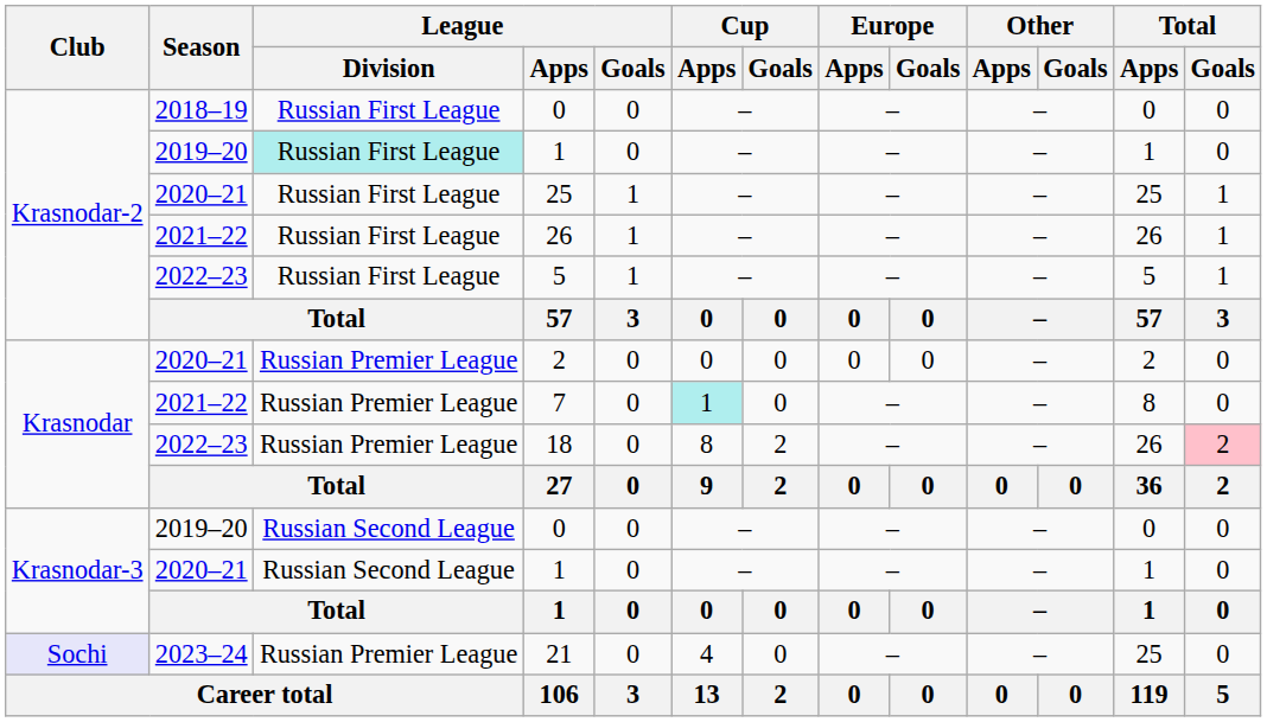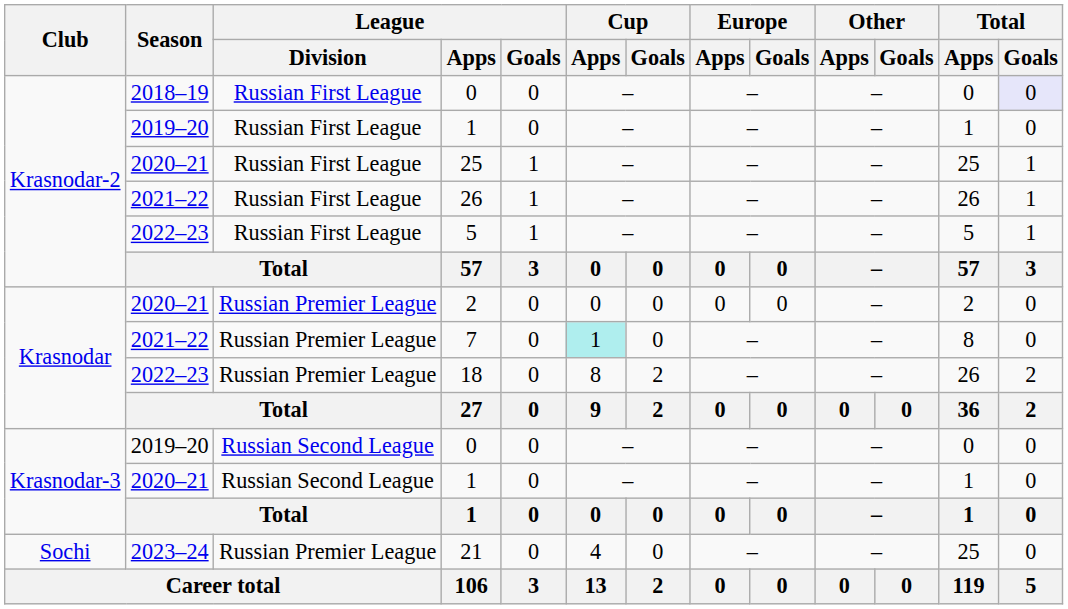 <table class="wikitable" style="text-align: center;">
 <tr>
 <th rowspan=2>Club</th>
 <th rowspan=2>Season</th>
 <th colspan=3>League</th>
 <th colspan=2>Cup</th>
 <th colspan=2>Europe</th>
 <th colspan=2>Other</th>
 <th colspan=2>Total</th>
 </tr>
 <tr>
 <th>Division</th>
 <th>Apps</th>
 <th>Goals</th>
 <th>Apps</th>
 <th>Goals</th>
 <th>Apps</th>
 <th>Goals</th>
 <th>Apps</th>
 <th>Goals</th>
 <th>Apps</th>
 <th>Goals</th>
 </tr>
 <tr>
 <td rowspan="6"><a href='#'>Krasnodar-2</a></td>
 <td><a href='#'>2018–19</a></td>
 <td><a href='#'>Russian First League</a></td>
 <td>0</td>
 <td>0</td>
 <td colspan=2>–</td>
 <td colspan=2>–</td>
 <td colspan=2>–</td>
 <td>0</td>
-<td>0</td>
+<td style="background: lavender;">0</td>
 </tr>
 <tr>
 <td><a href='#'>2019–20</a></td>
-<td style="background: paleturquoise;">Russian First League</td>
+<td>Russian First League</td>
 <td>1</td>
 <td>0</td>
 <td colspan=2>–</td>
 <td colspan=2>–</td>
 <td colspan=2>–</td>
 <td>1</td>
 <td>0</td>
 </tr>
 <tr>
 <td><a href='#'>2020–21</a></td>
 <td>Russian First League</td>
 <td>25</td>
 <td>1</td>
 <td colspan=2>–</td>
 <td colspan=2>–</td>
 <td colspan=2>–</td>
 <td>25</td>
 <td>1</td>
 </tr>
 <tr>
 <td><a href='#'>2021–22</a></td>
 <td>Russian First League</td>
 <td>26</td>
 <td>1</td>
 <td colspan=2>–</td>
 <td colspan=2>–</td>
 <td colspan=2>–</td>
 <td>26</td>
 <td>1</td>
 </tr>
 <tr>
 <td><a href='#'>2022–23</a></td>
 <td>Russian First League</td>
 <td>5</td>
 <td>1</td>
 <td colspan=2>–</td>
 <td colspan=2>–</td>
 <td colspan=2>–</td>
 <td>5</td>
 <td>1</td>
 </tr>
 <tr>
 <th colspan=2>Total</th>
 <th>57</th>
 <th>3</th>
 <th>0</th>
 <th>0</th>
 <th>0</th>
 <th>0</th>
 <th colspan=2>–</th>
 <th>57</th>
 <th>3</th>
 </tr>
 <tr>
 <td rowspan="4"><a href='#'>Krasnodar</a></td>
 <td><a href='#'>2020–21</a></td>
 <td><a href='#'>Russian Premier League</a></td>
 <td>2</td>
 <td>0</td>
 <td>0</td>
 <td>0</td>
 <td>0</td>
 <td>0</td>
 <td colspan=2>–</td>
 <td>2</td>
 <td>0</td>
 </tr>
 <tr>
 <td><a href='#'>2021–22</a></td>
 <td>Russian Premier League</td>
 <td>7</td>
 <td>0</td>
 <td style="background: paleturquoise;">1</td>
 <td>0</td>
 <td colspan=2>–</td>
 <td colspan=2>–</td>
 <td>8</td>
 <td>0</td>
 </tr>
 <tr>
 <td><a href='#'>2022–23</a></td>
 <td>Russian Premier League</td>
 <td>18</td>
 <td>0</td>
 <td>8</td>
 <td>2</td>
 <td colspan=2>–</td>
 <td colspan=2>–</td>
 <td>26</td>
-<td style="background: pink;">2</td>
+<td>2</td>
 </tr>
 <tr>
 <th colspan=2>Total</th>
 <th>27</th>
 <th>0</th>
 <th>9</th>
 <th>2</th>
 <th>0</th>
 <th>0</th>
 <th>0</th>
 <th>0</th>
 <th>36</th>
 <th>2</th>
 </tr>
 <tr>
 <td rowspan="3"><a href='#'>Krasnodar-3</a></td>
 <td>2019–20</td>
 <td><a href='#'>Russian Second League</a></td>
 <td>0</td>
 <td>0</td>
 <td colspan=2>–</td>
 <td colspan=2>–</td>
 <td colspan=2>–</td>
 <td>0</td>
 <td>0</td>
 </tr>
 <tr>
 <td><a href='#'>2020–21</a></td>
 <td>Russian Second League</td>
 <td>1</td>
 <td>0</td>
 <td colspan=2>–</td>
 <td colspan=2>–</td>
 <td colspan=2>–</td>
 <td>1</td>
 <td>0</td>
 </tr>
 <tr>
 <th colspan=2>Total</th>
 <th>1</th>
 <th>0</th>
 <th>0</th>
 <th>0</th>
 <th>0</th>
 <th>0</th>
 <th colspan=2>–</th>
 <th>1</th>
 <th>0</th>
 </tr>
 <tr>
-<td style="background: lavender;"><a href='#'>Sochi</a></td>
+<td><a href='#'>Sochi</a></td>
 <td><a href='#'>2023–24</a></td>
 <td>Russian Premier League</td>
 <td>21</td>
 <td>0</td>
 <td>4</td>
 <td>0</td>
 <td colspan=2>–</td>
 <td colspan=2>–</td>
 <td>25</td>
 <td>0</td>
 </tr>
 <tr>
 <th colspan=3>Career total</th>
 <th>106</th>
 <th>3</th>
 <th>13</th>
 <th>2</th>
 <th>0</th>
 <th>0</th>
 <th>0</th>
 <th>0</th>
 <th>119</th>
 <th>5</th>
 </tr>
 </table>
